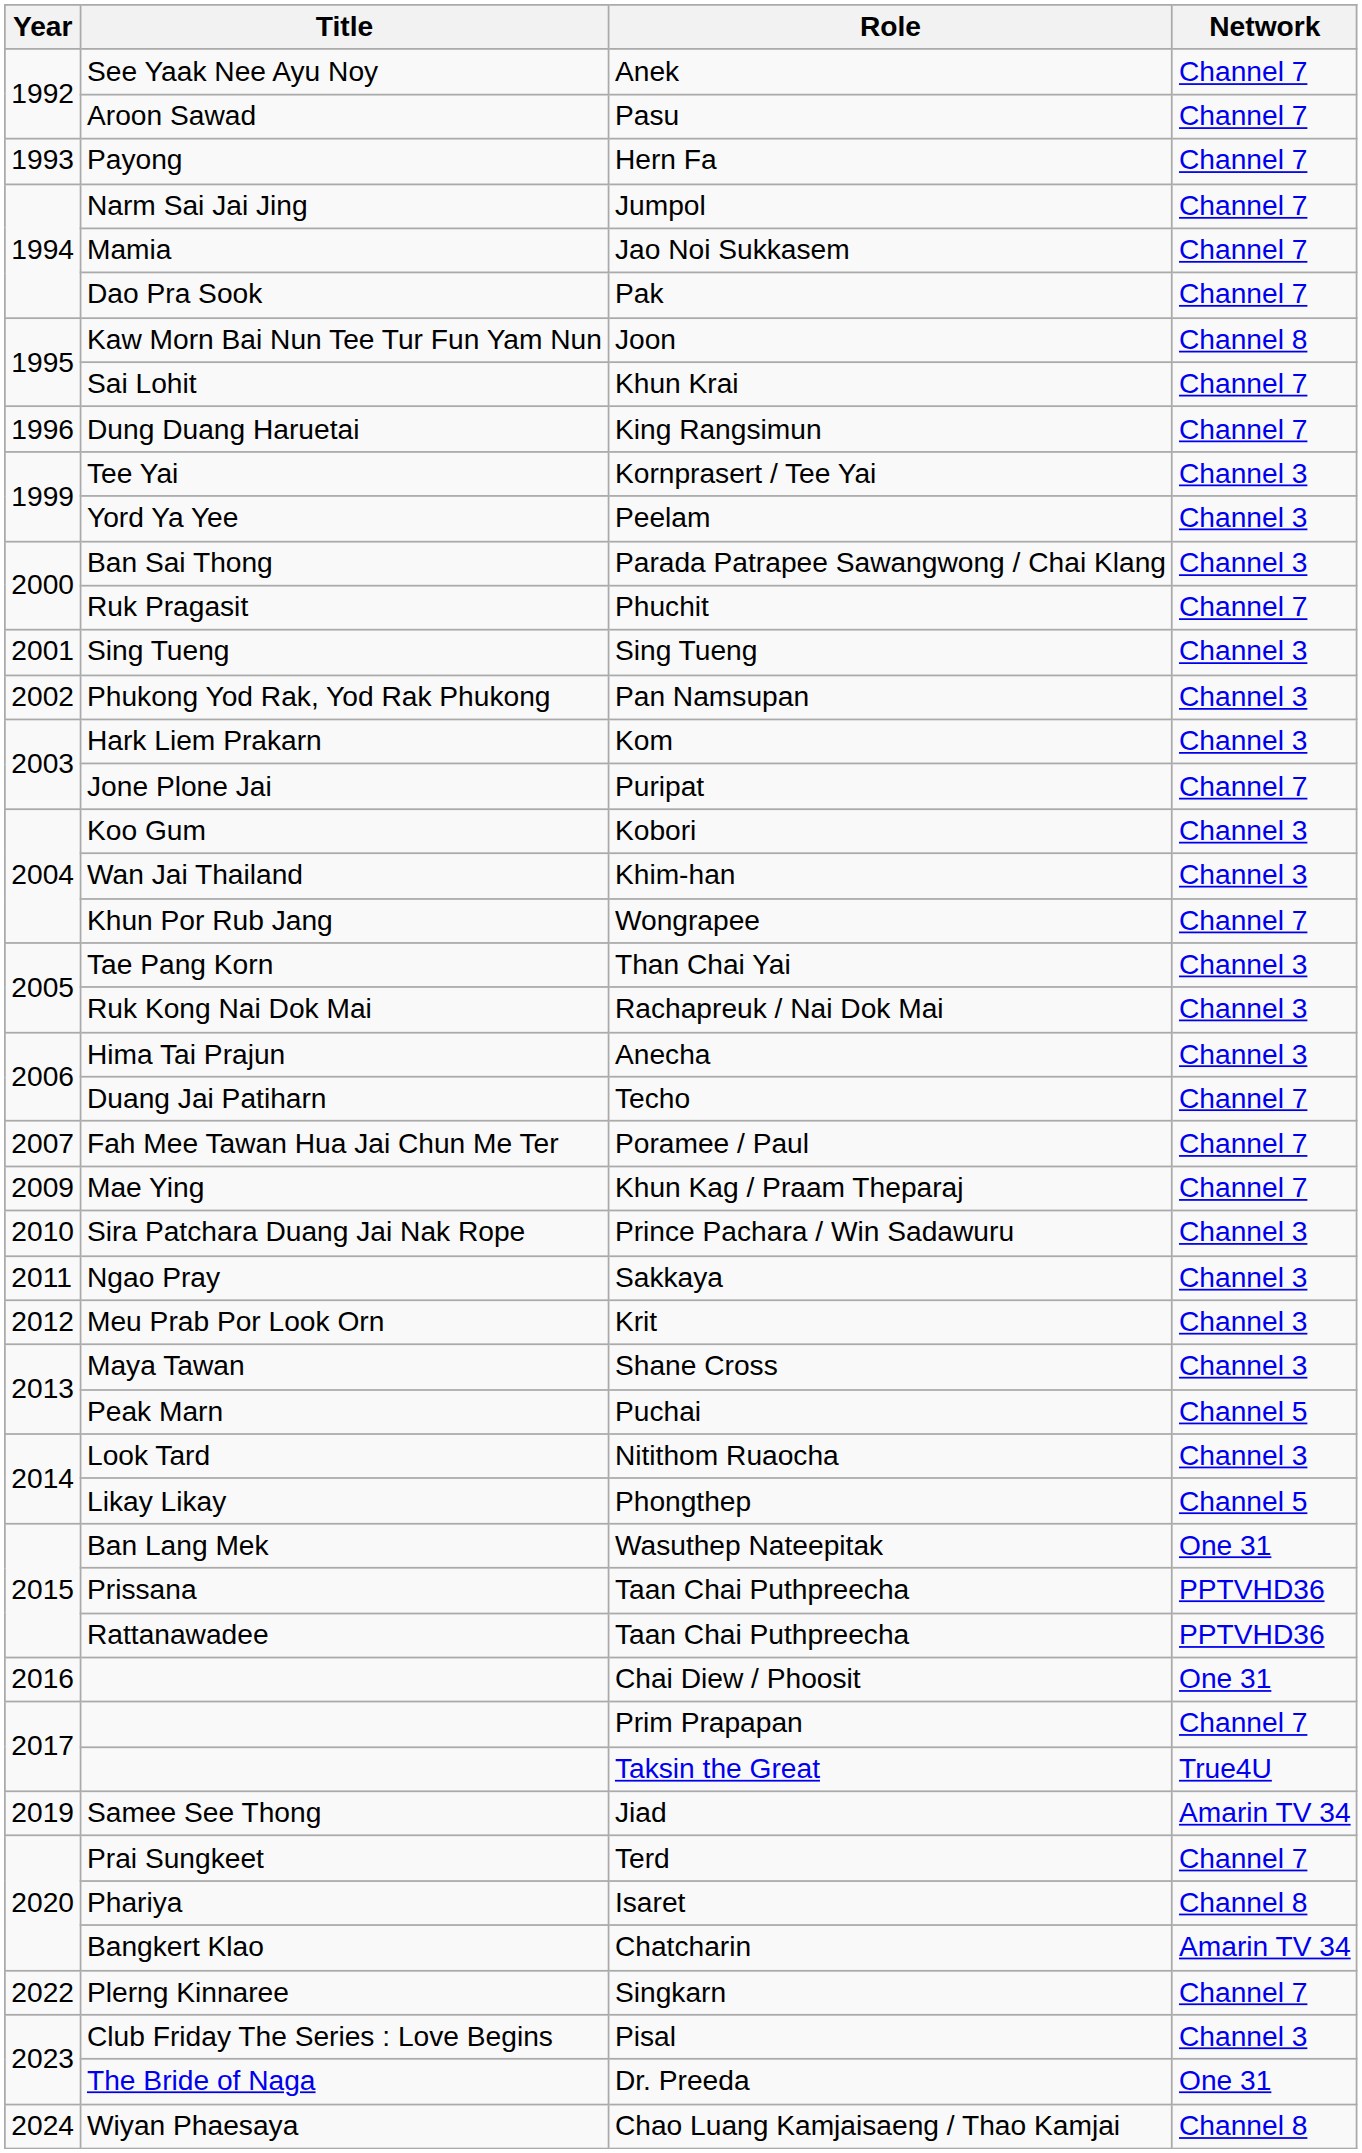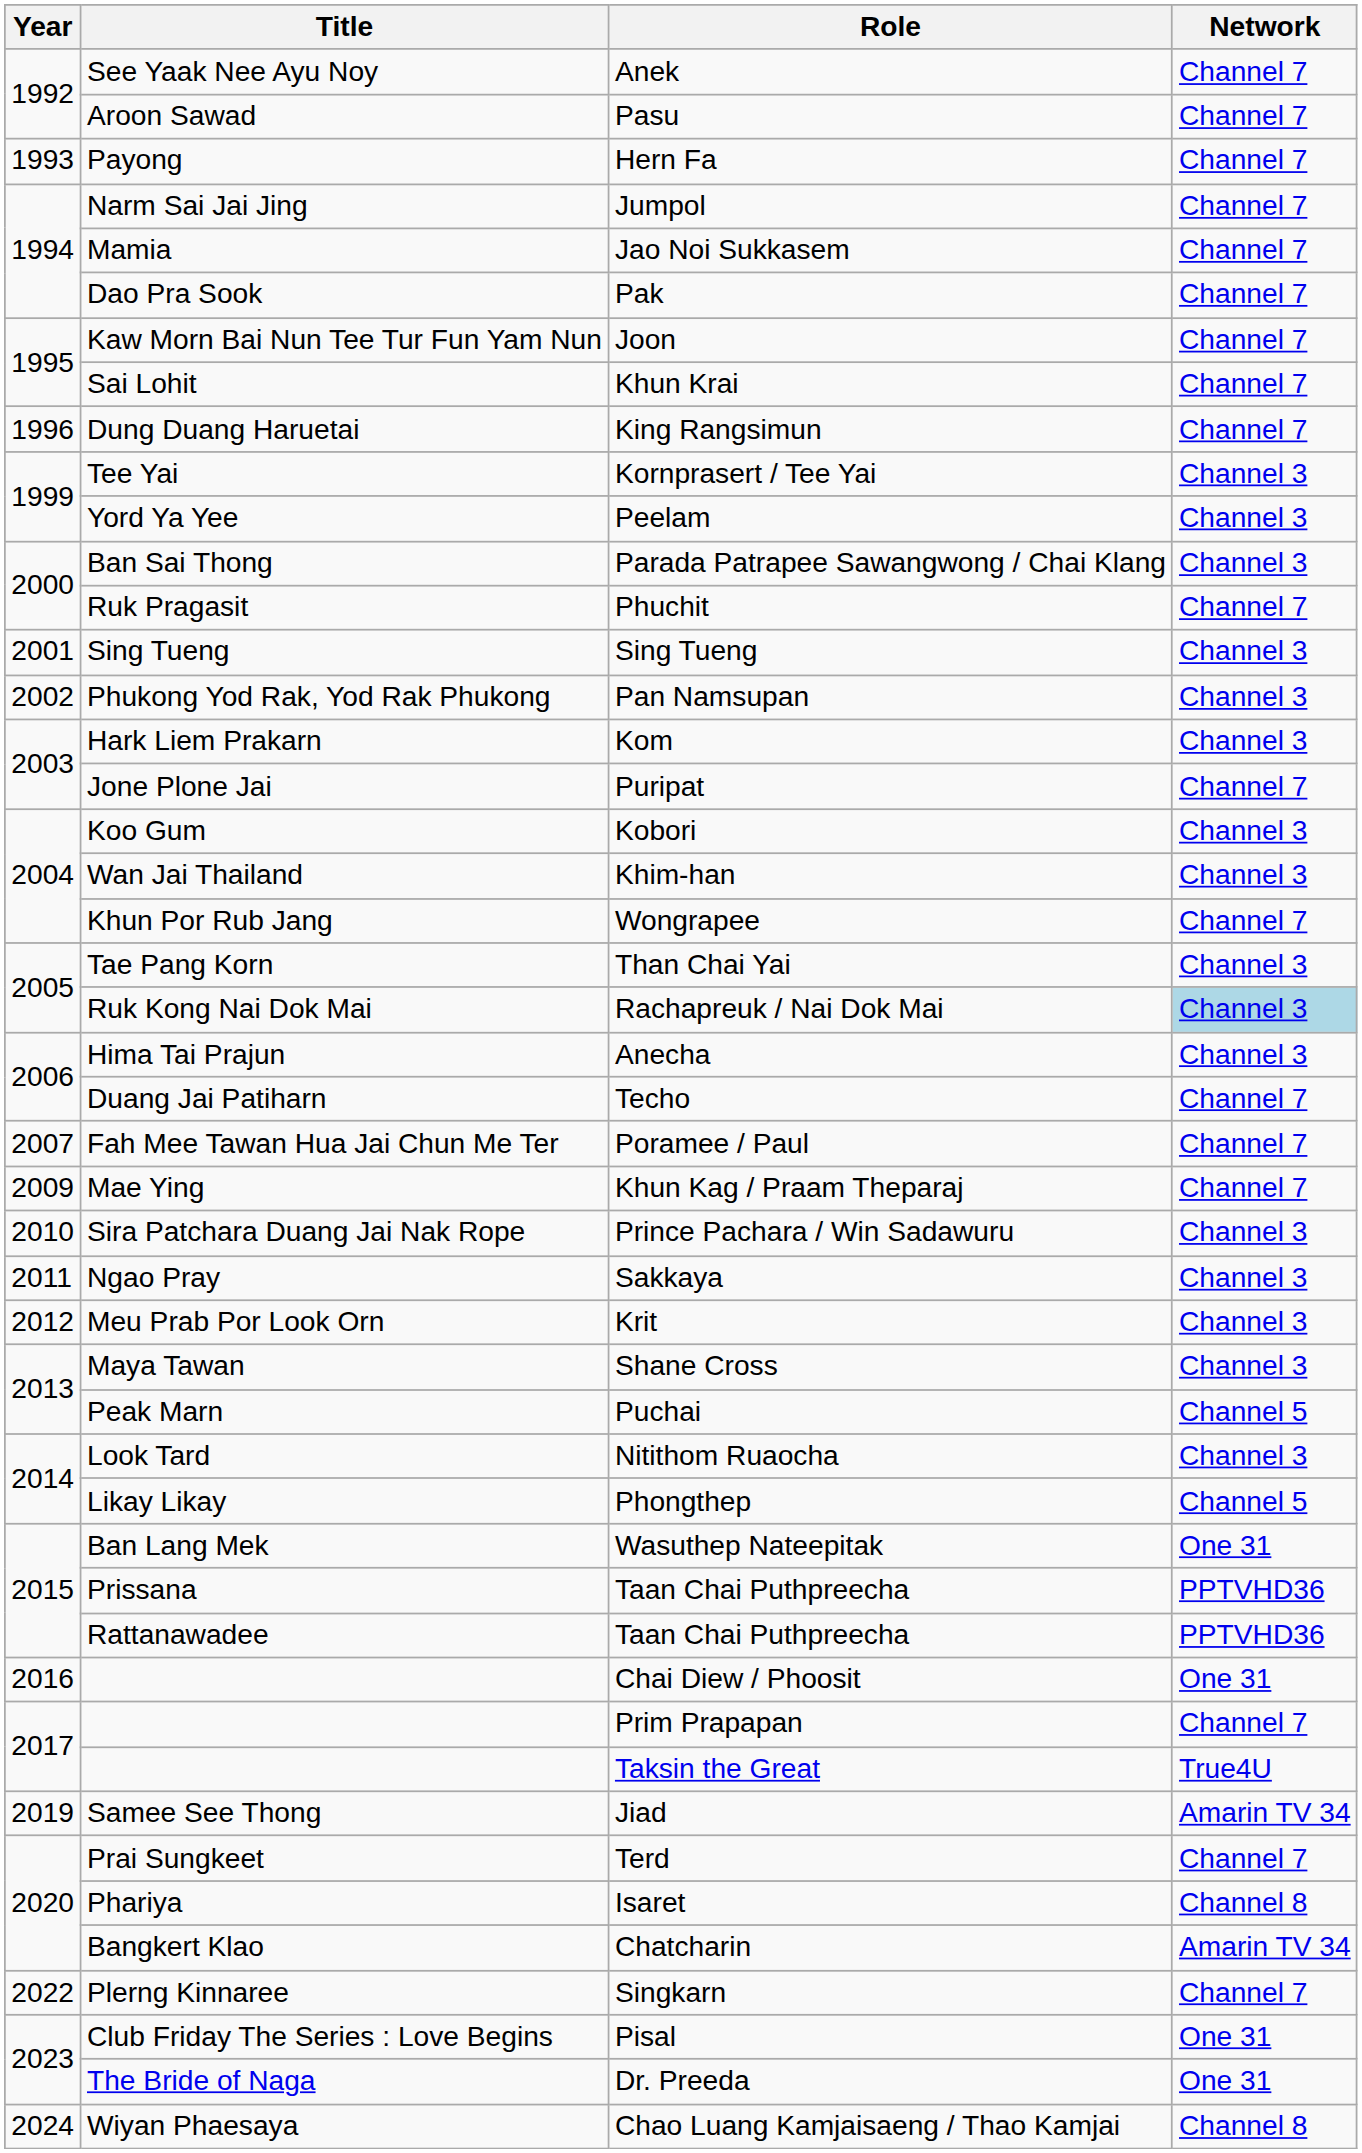 <table class="wikitable" style="font-size: 100%;">
 <tr>
 <th>Year</th>
 <th>Title</th>
 <th>Role</th>
 <th>Network</th>
 </tr>
 <tr>
 <td rowspan="2">1992</td>
 <td>See Yaak Nee Ayu Noy</td>
 <td>Anek</td>
 <td><a href='#'>Channel 7</a></td>
 </tr>
 <tr>
 <td>Aroon Sawad</td>
 <td>Pasu</td>
 <td><a href='#'>Channel 7</a></td>
 </tr>
 <tr>
 <td>1993</td>
 <td>Payong</td>
 <td>Hern Fa</td>
 <td><a href='#'>Channel 7</a></td>
 </tr>
 <tr>
 <td rowspan="3">1994</td>
 <td>Narm Sai Jai Jing</td>
 <td>Jumpol</td>
 <td><a href='#'>Channel 7</a></td>
 </tr>
 <tr>
 <td>Mamia</td>
 <td>Jao Noi Sukkasem</td>
 <td><a href='#'>Channel 7</a></td>
 </tr>
 <tr>
 <td>Dao Pra Sook</td>
 <td>Pak</td>
 <td><a href='#'>Channel 7</a></td>
 </tr>
 <tr>
 <td rowspan="2">1995</td>
 <td>Kaw Morn Bai Nun Tee Tur Fun Yam Nun</td>
 <td>Joon</td>
-<td><a href='#'>Channel 8</a></td>
+<td><a href='#'>Channel 7</a></td>
 </tr>
 <tr>
 <td>Sai Lohit</td>
 <td>Khun Krai</td>
 <td><a href='#'>Channel 7</a></td>
 </tr>
 <tr>
 <td>1996</td>
 <td>Dung Duang Haruetai</td>
 <td>King Rangsimun</td>
 <td><a href='#'>Channel 7</a></td>
 </tr>
 <tr>
 <td rowspan="2">1999</td>
 <td>Tee Yai</td>
 <td>Kornprasert / Tee Yai</td>
 <td><a href='#'>Channel 3</a></td>
 </tr>
 <tr>
 <td>Yord Ya Yee</td>
 <td>Peelam</td>
 <td><a href='#'>Channel 3</a></td>
 </tr>
 <tr>
 <td rowspan="2">2000</td>
 <td>Ban Sai Thong</td>
 <td>Parada Patrapee Sawangwong / Chai Klang</td>
 <td><a href='#'>Channel 3</a></td>
 </tr>
 <tr>
 <td>Ruk Pragasit</td>
 <td>Phuchit</td>
 <td><a href='#'>Channel 7</a></td>
 </tr>
 <tr>
 <td>2001</td>
 <td>Sing Tueng</td>
 <td>Sing Tueng</td>
 <td><a href='#'>Channel 3</a></td>
 </tr>
 <tr>
 <td>2002</td>
 <td>Phukong Yod Rak, Yod Rak Phukong</td>
 <td>Pan Namsupan</td>
 <td><a href='#'>Channel 3</a></td>
 </tr>
 <tr>
 <td rowspan="2">2003</td>
 <td>Hark Liem Prakarn</td>
 <td>Kom</td>
 <td><a href='#'>Channel 3</a></td>
 </tr>
 <tr>
 <td>Jone Plone Jai</td>
 <td>Puripat</td>
 <td><a href='#'>Channel 7</a></td>
 </tr>
 <tr>
 <td rowspan="3">2004</td>
 <td>Koo Gum</td>
 <td>Kobori</td>
 <td><a href='#'>Channel 3</a></td>
 </tr>
 <tr>
 <td>Wan Jai Thailand</td>
 <td>Khim-han</td>
 <td><a href='#'>Channel 3</a></td>
 </tr>
 <tr>
 <td>Khun Por Rub Jang</td>
 <td>Wongrapee</td>
 <td><a href='#'>Channel 7</a></td>
 </tr>
 <tr>
 <td rowspan="2">2005</td>
 <td>Tae Pang Korn</td>
 <td>Than Chai Yai</td>
 <td><a href='#'>Channel 3</a></td>
 </tr>
 <tr>
 <td>Ruk Kong Nai Dok Mai</td>
 <td>Rachapreuk / Nai Dok Mai</td>
-<td><a href='#'>Channel 3</a></td>
+<td style="background: lightblue;"><a href='#'>Channel 3</a></td>
 </tr>
 <tr>
 <td rowspan="2">2006</td>
 <td>Hima Tai Prajun</td>
 <td>Anecha</td>
 <td><a href='#'>Channel 3</a></td>
 </tr>
 <tr>
 <td>Duang Jai Patiharn</td>
 <td>Techo</td>
 <td><a href='#'>Channel 7</a></td>
 </tr>
 <tr>
 <td>2007</td>
 <td>Fah Mee Tawan Hua Jai Chun Me Ter</td>
 <td>Poramee / Paul</td>
 <td><a href='#'>Channel 7</a></td>
 </tr>
 <tr>
 <td>2009</td>
 <td>Mae Ying</td>
 <td>Khun Kag / Praam Theparaj</td>
 <td><a href='#'>Channel 7</a></td>
 </tr>
 <tr>
 <td>2010</td>
 <td>Sira Patchara Duang Jai Nak Rope</td>
 <td>Prince Pachara / Win Sadawuru</td>
 <td><a href='#'>Channel 3</a></td>
 </tr>
 <tr>
 <td>2011</td>
 <td>Ngao Pray</td>
 <td>Sakkaya</td>
 <td><a href='#'>Channel 3</a></td>
 </tr>
 <tr>
 <td>2012</td>
 <td>Meu Prab Por Look Orn</td>
 <td>Krit</td>
 <td><a href='#'>Channel 3</a></td>
 </tr>
 <tr>
 <td rowspan="2">2013</td>
 <td>Maya Tawan</td>
 <td>Shane Cross</td>
 <td><a href='#'>Channel 3</a></td>
 </tr>
 <tr>
 <td>Peak Marn</td>
 <td>Puchai</td>
 <td><a href='#'>Channel 5</a></td>
 </tr>
 <tr>
 <td rowspan="2">2014</td>
 <td>Look Tard</td>
 <td>Nitithom Ruaocha</td>
 <td><a href='#'>Channel 3</a></td>
 </tr>
 <tr>
 <td>Likay Likay</td>
 <td>Phongthep</td>
 <td><a href='#'>Channel 5</a></td>
 </tr>
 <tr>
 <td rowspan="3">2015</td>
 <td>Ban Lang Mek</td>
 <td>Wasuthep Nateepitak</td>
 <td><a href='#'>One 31</a></td>
 </tr>
 <tr>
 <td>Prissana</td>
 <td>Taan Chai Puthpreecha</td>
 <td><a href='#'>PPTVHD36</a></td>
 </tr>
 <tr>
 <td>Rattanawadee</td>
 <td>Taan Chai Puthpreecha</td>
 <td><a href='#'>PPTVHD36</a></td>
 </tr>
 <tr>
 <td>2016</td>
 <td></td>
 <td>Chai Diew / Phoosit</td>
 <td><a href='#'>One 31</a></td>
 </tr>
 <tr>
 <td rowspan="2">2017</td>
 <td></td>
 <td>Prim Prapapan</td>
 <td><a href='#'>Channel 7</a></td>
 </tr>
 <tr>
 <td></td>
 <td><a href='#'>Taksin the Great</a></td>
 <td><a href='#'>True4U</a></td>
 </tr>
 <tr>
 <td>2019</td>
 <td>Samee See Thong</td>
 <td>Jiad</td>
 <td><a href='#'>Amarin TV 34</a></td>
 </tr>
 <tr>
 <td rowspan="3">2020</td>
 <td>Prai Sungkeet</td>
 <td>Terd</td>
 <td><a href='#'>Channel 7</a></td>
 </tr>
 <tr>
 <td>Phariya</td>
 <td>Isaret</td>
 <td><a href='#'>Channel 8</a></td>
 </tr>
 <tr>
 <td>Bangkert Klao</td>
 <td>Chatcharin</td>
 <td><a href='#'>Amarin TV 34</a></td>
 </tr>
 <tr>
 <td>2022</td>
 <td>Plerng Kinnaree</td>
 <td>Singkarn</td>
 <td><a href='#'>Channel 7</a></td>
 </tr>
 <tr>
 <td rowspan="2">2023</td>
 <td>Club Friday The Series : Love Begins</td>
 <td>Pisal</td>
-<td><a href='#'>Channel 3</a></td>
+<td><a href='#'>One 31</a></td>
 </tr>
 <tr>
 <td><a href='#'>The Bride of Naga</a></td>
 <td>Dr. Preeda</td>
 <td><a href='#'>One 31</a></td>
 </tr>
 <tr>
 <td>2024</td>
 <td>Wiyan Phaesaya</td>
 <td>Chao Luang Kamjaisaeng / Thao Kamjai</td>
 <td><a href='#'>Channel 8</a></td>
 </tr>
 </table>
